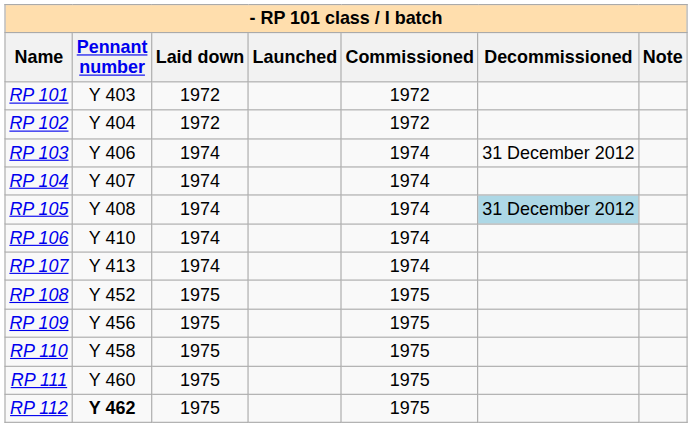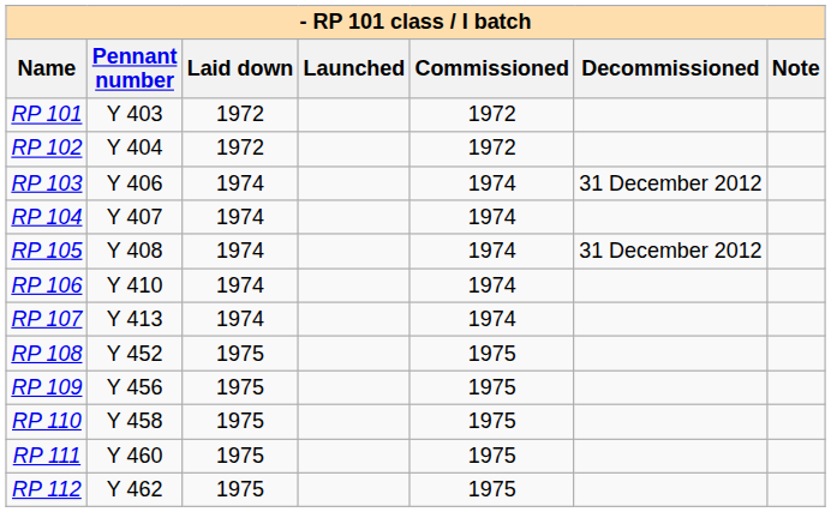 <table border="1" class="sortable wikitable" style="margin:1em auto;">
 <tr>
 <th colspan="11" style="background:#ffdead;"> - RP 101 class / I batch</th>
 </tr>
 <tr>
 <th>Name</th>
 <th><a href='#'>Pennant<br>number</a></th>
 <th>Laid down</th>
 <th>Launched</th>
 <th>Commissioned</th>
 <th>Decommissioned</th>
 <th>Note</th>
 </tr>
 <tr style="text-align:center;">
 <td><em><a href='#'>RP 101</a></em></td>
 <td>Y 403</td>
 <td>1972</td>
 <td></td>
 <td>1972</td>
 <td></td>
 <td></td>
 </tr>
 <tr style="text-align:center;">
 <td><em><a href='#'>RP 102</a></em></td>
 <td>Y 404</td>
 <td>1972</td>
 <td></td>
 <td>1972</td>
 <td></td>
 <td></td>
 </tr>
 <tr style="text-align:center;">
 <td><em><a href='#'>RP 103</a></em></td>
 <td>Y 406</td>
 <td>1974</td>
 <td></td>
 <td>1974</td>
 <td>31 December 2012</td>
 <td></td>
 </tr>
 <tr style="text-align:center;">
 <td><em><a href='#'>RP 104</a></em></td>
 <td>Y 407</td>
 <td>1974</td>
 <td></td>
 <td>1974</td>
 <td></td>
 <td></td>
 </tr>
 <tr style="text-align:center;">
 <td><em><a href='#'>RP 105</a></em></td>
 <td>Y 408</td>
 <td>1974</td>
 <td></td>
 <td>1974</td>
-<td style="background: lightblue;">31 December 2012</td>
+<td>31 December 2012</td>
 <td></td>
 </tr>
 <tr style="text-align:center;">
 <td><em><a href='#'>RP 106</a></em></td>
 <td>Y 410</td>
 <td>1974</td>
 <td></td>
 <td>1974</td>
 <td></td>
 <td></td>
 </tr>
 <tr style="text-align:center;">
 <td><em><a href='#'>RP 107</a></em></td>
 <td>Y 413</td>
 <td>1974</td>
 <td></td>
 <td>1974</td>
 <td></td>
 <td></td>
 </tr>
 <tr style="text-align:center;">
 <td><em><a href='#'>RP 108</a></em></td>
 <td>Y 452</td>
 <td>1975</td>
 <td></td>
 <td>1975</td>
 <td></td>
 <td></td>
 </tr>
 <tr style="text-align:center;">
 <td><em><a href='#'>RP 109</a></em></td>
 <td>Y 456</td>
 <td>1975</td>
 <td></td>
 <td>1975</td>
 <td></td>
 <td></td>
 </tr>
 <tr style="text-align:center;">
 <td><em><a href='#'>RP 110</a></em></td>
 <td>Y 458</td>
 <td>1975</td>
 <td></td>
 <td>1975</td>
 <td></td>
 <td></td>
 </tr>
 <tr style="text-align:center;">
 <td><em><a href='#'>RP 111</a></em></td>
 <td>Y 460</td>
 <td>1975</td>
 <td></td>
 <td>1975</td>
 <td></td>
 <td></td>
 </tr>
 <tr style="text-align:center;">
 <td><em><a href='#'>RP 112</a></em></td>
-<td><strong>Y 462</strong></td>
+<td>Y 462</td>
 <td>1975</td>
 <td></td>
 <td>1975</td>
 <td></td>
 <td></td>
 </tr>
 </table>
